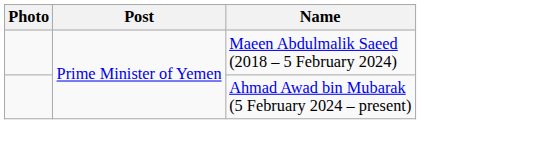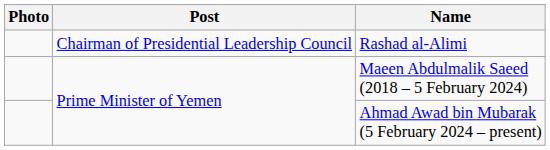 <table class="wikitable">
 <tr>
 <th>Photo</th>
 <th>Post</th>
 <th>Name</th>
+</tr>
+<tr>
+<td></td>
+<td><a href='#'>Chairman of Presidential Leadership Council</a></td>
+<td><a href='#'>Rashad al-Alimi</a></td>
 </tr>
 <tr>
 <td></td>
 <td rowspan="2"><a href='#'>Prime Minister of Yemen</a></td>
 <td><a href='#'>Maeen Abdulmalik Saeed</a><br>(2018 – 5 February 2024)</td>
 </tr>
 <tr>
 <td></td>
 <td><a href='#'>Ahmad Awad bin Mubarak</a><br>(5 February 2024 – present)</td>
 </tr>
 </table>
